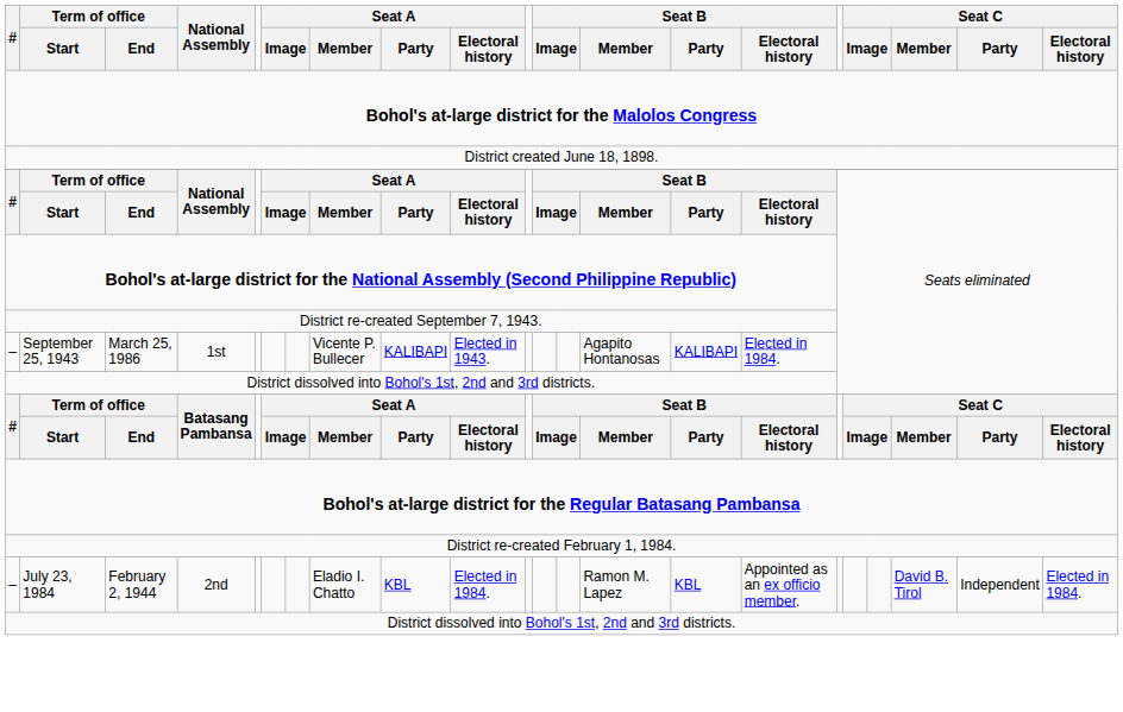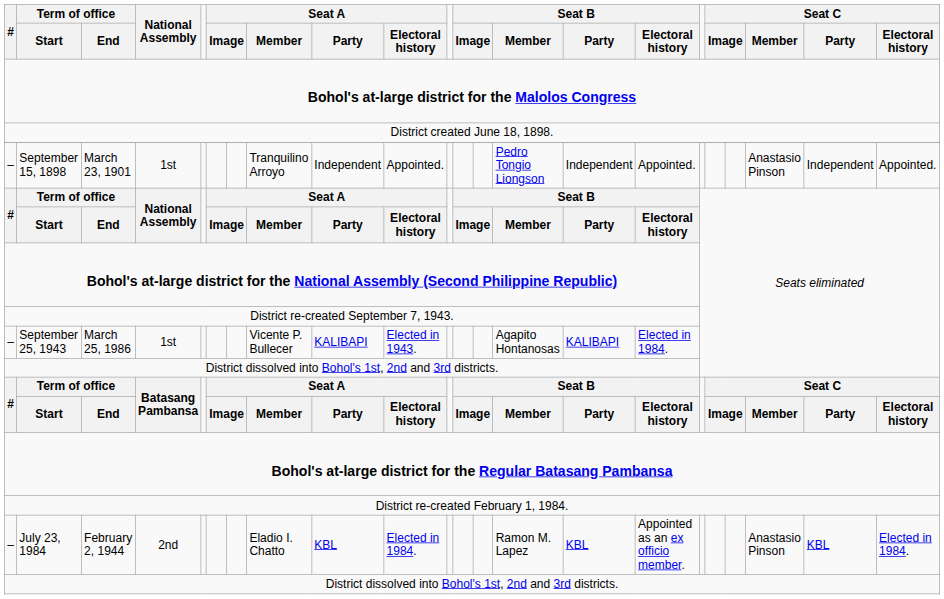 <table class=wikitable>
 <tr>
 <th rowspan=2>#</th>
 <th colspan=2>Term of office</th>
 <th rowspan=2>National<br>Assembly</th>
 <td rowspan=2></td>
 <th colspan=5>Seat A</th>
 <td rowspan=2></td>
 <th colspan=5>Seat B</th>
 <td rowspan=2></td>
 <th colspan=5>Seat C</th>
 </tr>
 <tr style="height:3em">
 <th>Start</th>
 <th>End</th>
 <th colspan="2" style="text-align:center;">Image</th>
 <th>Member</th>
 <th>Party</th>
 <th>Electoral history</th>
 <th colspan="2" style="text-align:center;">Image</th>
 <th>Member</th>
 <th>Party</th>
 <th>Electoral history</th>
 <th colspan="2" style="text-align:center;">Image</th>
 <th>Member</th>
 <th>Party</th>
 <th>Electoral history</th>
 </tr>
 <tr>
 <td colspan="22" style="text-align:center;"><br><h3>Bohol's at-large district for the <a href='#'>Malolos Congress</a></h3></td>
 </tr>
 <tr>
 <td colspan="22" style="text-align:center;">District created June 18, 1898.</td>
 </tr>
 <tr>
+</tr>
+<tr style="height:3em">
+<td style="text-align:center;">–</td>
+<td>September 15, 1898</td>
+<td>March 23, 1901</td>
+<td style="text-align:center;">1st</td>
+<td></td>
+<td style="background:"></td>
+<td></td>
+<td>Tranquilino Arroyo</td>
+<td>Independent</td>
+<td>Appointed.</td>
+<td></td>
+<td style="background:"></td>
+<td></td>
+<td><a href='#'>Pedro Tongio Liongson</a></td>
+<td>Independent</td>
+<td>Appointed.</td>
+<td></td>
+<td style="background:"></td>
+<td></td>
+<td>Anastasio Pinson</td>
+<td>Independent</td>
+<td>Appointed.</td>
 </tr>
 <tr>
 <th rowspan=2>#</th>
 <th colspan=2>Term of office</th>
 <th rowspan=2>National<br>Assembly</th>
 <td rowspan=2></td>
 <th colspan=5>Seat A</th>
 <td rowspan=2></td>
 <th colspan=5>Seat B</th>
 <td rowspan=6 colspan=6 style="text-align:center;"><em>Seats eliminated</em></td>
 </tr>
 <tr style="height:3em">
 <th>Start</th>
 <th>End</th>
 <th colspan="2" style="text-align:center;">Image</th>
 <th>Member</th>
 <th>Party</th>
 <th>Electoral history</th>
 <th colspan="2" style="text-align:center;">Image</th>
 <th>Member</th>
 <th>Party</th>
 <th>Electoral history</th>
 </tr>
 <tr>
 <td colspan="16" style="text-align:center;"><br><h3>Bohol's at-large district for the <a href='#'>National Assembly (Second Philippine Republic)</a></h3></td>
 </tr>
 <tr>
 <td colspan="16" style="text-align:center;">District re-created September 7, 1943.</td>
 </tr>
 <tr>
 <td style="text-align:center;">–</td>
 <td>September 25, 1943</td>
 <td>March 25, 1986</td>
 <td style="text-align:center;">1st</td>
 <td></td>
 <td style="background:"></td>
 <td></td>
 <td>Vicente P. Bullecer</td>
 <td><a href='#'>KALIBAPI</a></td>
 <td><a href='#'>Elected in 1943</a>.</td>
 <td></td>
 <td style="background:"></td>
 <td></td>
 <td>Agapito Hontanosas</td>
 <td><a href='#'>KALIBAPI</a></td>
 <td><a href='#'>Elected in 1984</a>.</td>
 </tr>
 <tr>
 <td colspan="16" style="text-align:center;">District dissolved into <a href='#'>Bohol's 1st</a>, <a href='#'>2nd</a> and <a href='#'>3rd</a> districts.</td>
 </tr>
 <tr>
 <th rowspan=2>#</th>
 <th colspan=2>Term of office</th>
 <th rowspan=2>Batasang<br>Pambansa</th>
 <td rowspan=2></td>
 <th colspan=5>Seat A</th>
 <td rowspan=2></td>
 <th colspan=5>Seat B</th>
 <td rowspan=2></td>
 <th colspan=5>Seat C</th>
 </tr>
 <tr style="height:3em">
 <th>Start</th>
 <th>End</th>
 <th colspan="2" style="text-align:center;">Image</th>
 <th>Member</th>
 <th>Party</th>
 <th>Electoral history</th>
 <th colspan="2" style="text-align:center;">Image</th>
 <th>Member</th>
 <th>Party</th>
 <th>Electoral history</th>
 <th colspan="2" style="text-align:center;">Image</th>
 <th>Member</th>
 <th>Party</th>
 <th>Electoral history</th>
 </tr>
 <tr>
 <td colspan="22" style="text-align:center;"><br><h3>Bohol's at-large district for the <a href='#'>Regular Batasang Pambansa</a></h3></td>
 </tr>
 <tr>
 <td colspan="22" style="text-align:center;">District re-created February 1, 1984.</td>
 </tr>
 <tr style="height:3em">
 <td style="text-align:center;">–</td>
 <td>July 23, 1984</td>
 <td>February 2, 1944</td>
 <td style="text-align:center;">2nd</td>
 <td></td>
 <td style="background:"></td>
 <td></td>
 <td>Eladio I. Chatto</td>
 <td><a href='#'>KBL</a></td>
 <td><a href='#'>Elected in 1984</a>.</td>
 <td></td>
 <td style="background:"></td>
 <td></td>
 <td>Ramon M. Lapez</td>
 <td><a href='#'>KBL</a></td>
 <td>Appointed as an <a href='#'>ex officio member</a>.</td>
 <td></td>
 <td style="background:"></td>
 <td></td>
-<td><a href='#'>David B. Tirol</a></td>
-<td>Independent</td>
+<td>Anastasio Pinson</td>
+<td><a href='#'>KBL</a></td>
 <td><a href='#'>Elected in 1984</a>.</td>
 </tr>
 <tr>
 <td colspan="22" style="text-align:center;">District dissolved into <a href='#'>Bohol's 1st</a>, <a href='#'>2nd</a> and <a href='#'>3rd</a> districts.</td>
 </tr>
 </table>
